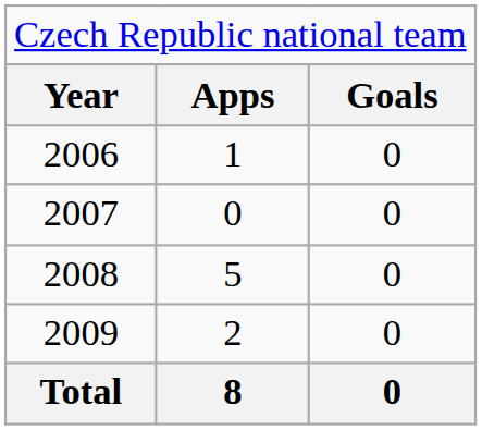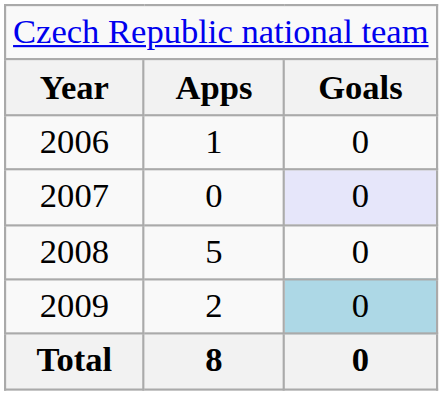 <table class="wikitable" style="text-align:center">
 <tr>
 <td colspan="3"><a href='#'>Czech Republic national team</a></td>
 </tr>
 <tr>
 <th>Year</th>
 <th>Apps</th>
 <th>Goals</th>
 </tr>
 <tr>
 <td>2006</td>
 <td>1</td>
 <td>0</td>
 </tr>
 <tr>
 <td>2007</td>
 <td>0</td>
-<td>0</td>
+<td style="background: lavender;">0</td>
 </tr>
 <tr>
 <td>2008</td>
 <td>5</td>
 <td>0</td>
 </tr>
 <tr>
 <td>2009</td>
 <td>2</td>
-<td>0</td>
+<td style="background: lightblue;">0</td>
 </tr>
 <tr>
 <th>Total</th>
 <th>8</th>
 <th>0</th>
 </tr>
 </table>
